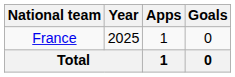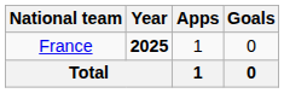 <table class=wikitable style=text-align:center>
 <tr>
 <th>National team</th>
 <th>Year</th>
 <th>Apps</th>
 <th>Goals</th>
 </tr>
 <tr>
 <td><a href='#'>France</a></td>
-<td>2025</td>
+<td><strong>2025</strong></td>
 <td>1</td>
 <td>0</td>
 </tr>
 <tr>
 <th colspan="2">Total</th>
 <th>1</th>
 <th>0</th>
 </tr>
 </table>
